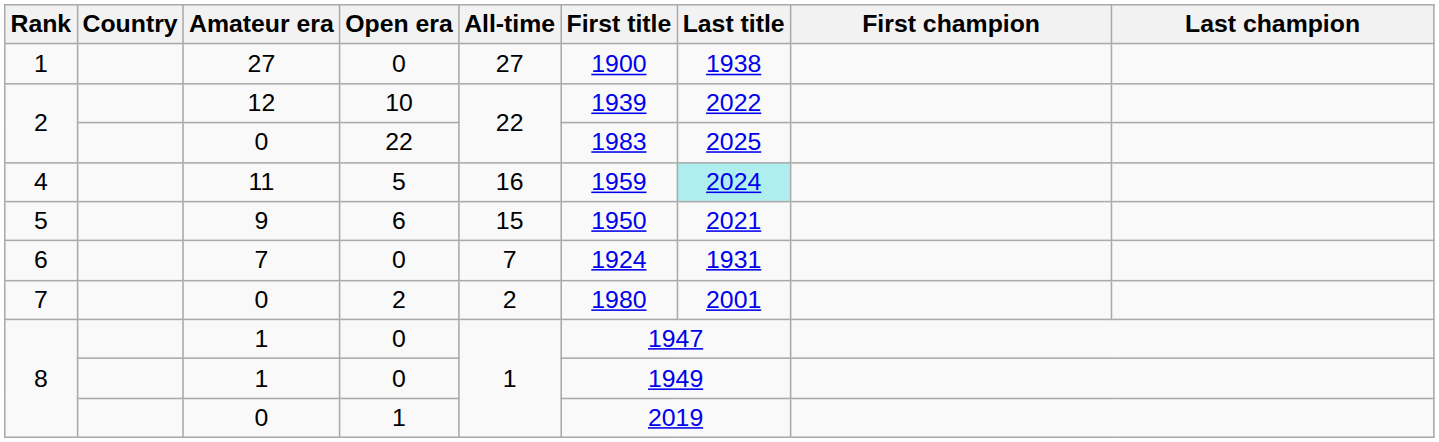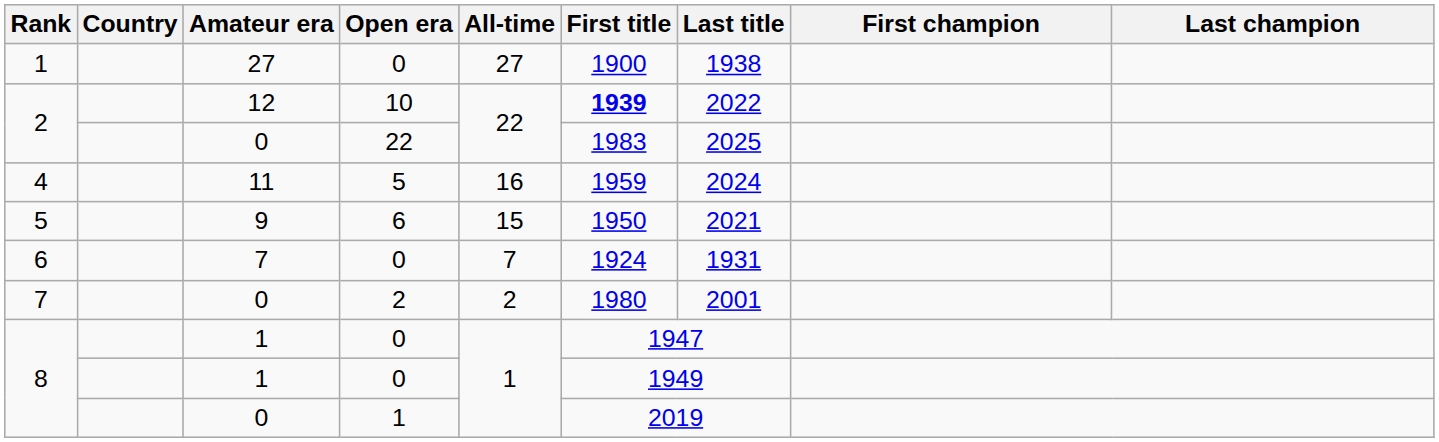 <table class="wikitable sortable">
 <tr>
 <th>Rank</th>
 <th>Country</th>
 <th>Amateur era</th>
 <th>Open era</th>
 <th>All-time</th>
 <th>First title</th>
 <th>Last title</th>
 <th width=200>First champion</th>
 <th width=200>Last champion</th>
 </tr>
 <tr>
 <td align=center>1</td>
 <td></td>
 <td align=center>27</td>
 <td align=center>0</td>
 <td align=center>27</td>
 <td align=center><a href='#'>1900</a></td>
 <td align=center><a href='#'>1938</a></td>
 <td align=center></td>
 <td align=center></td>
 </tr>
 <tr>
 <td rowspan=2 align=center>2</td>
 <td></td>
 <td align=center>12</td>
 <td align=center>10</td>
 <td rowspan=2 align=center>22</td>
-<td align=center><a href='#'>1939</a></td>
+<td align=center><strong><a href='#'>1939</a></strong></td>
 <td align=center><a href='#'>2022</a></td>
 <td align=center></td>
 <td align=center></td>
 </tr>
 <tr>
 <td></td>
 <td align=center>0</td>
 <td align=center>22</td>
 <td align=center><a href='#'>1983</a></td>
 <td align=center><a href='#'>2025</a></td>
 <td align=center></td>
 <td align=center></td>
 </tr>
 <tr>
 <td align=center>4</td>
 <td></td>
 <td align=center>11</td>
 <td align=center>5</td>
 <td align=center>16</td>
 <td align=center><a href='#'>1959</a></td>
-<td align=center style="background: paleturquoise;"><a href='#'>2024</a></td>
+<td align=center><a href='#'>2024</a></td>
 <td align=center></td>
 <td align=center></td>
 </tr>
 <tr>
 <td align=center>5</td>
 <td></td>
 <td align=center>9</td>
 <td align=center>6</td>
 <td align=center>15</td>
 <td align=center><a href='#'>1950</a></td>
 <td align=center><a href='#'>2021</a></td>
 <td align=center></td>
 <td align=center></td>
 </tr>
 <tr>
 <td align=center>6</td>
 <td></td>
 <td align=center>7</td>
 <td align=center>0</td>
 <td align=center>7</td>
 <td align=center><a href='#'>1924</a></td>
 <td align=center><a href='#'>1931</a></td>
 <td align=center></td>
 <td align=center></td>
 </tr>
 <tr>
 <td align=center>7</td>
 <td></td>
 <td align=center>0</td>
 <td align=center>2</td>
 <td align=center>2</td>
 <td align=center><a href='#'>1980</a></td>
 <td align=center><a href='#'>2001</a></td>
 <td align=center></td>
 <td align=center></td>
 </tr>
 <tr>
 <td rowspan=3 align=center>8</td>
 <td></td>
 <td align=center>1</td>
 <td align=center>0</td>
 <td rowspan=3 align=center>1</td>
 <td colspan="2" align=center><a href='#'>1947</a></td>
 <td colspan="2" align=center></td>
 </tr>
 <tr>
 <td></td>
 <td align=center>1</td>
 <td align=center>0</td>
 <td colspan="2" align=center><a href='#'>1949</a></td>
 <td colspan="2" align=center></td>
 </tr>
 <tr>
 <td></td>
 <td align=center>0</td>
 <td align=center>1</td>
 <td colspan="2" align=center><a href='#'>2019</a></td>
 <td colspan="2" align=center></td>
 </tr>
 </table>
